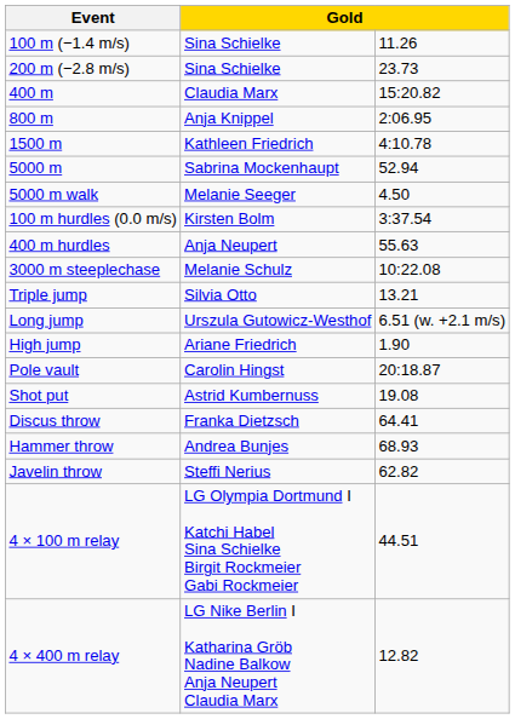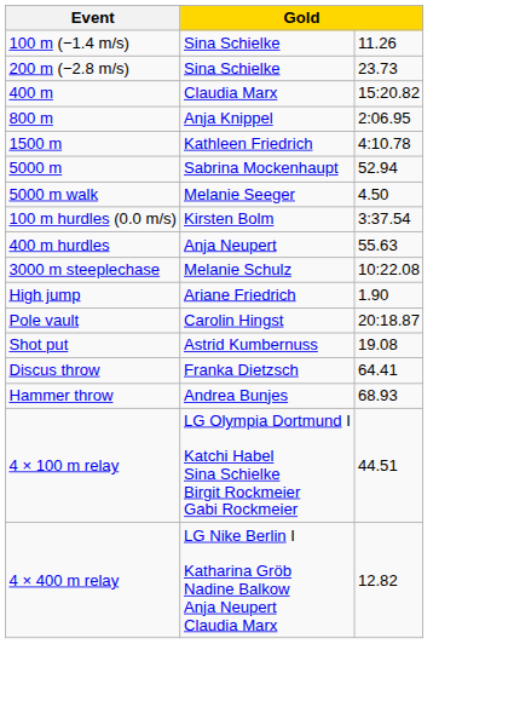 <table class="wikitable">
 <tr>
 <th>Event</th>
 <th style="background:gold;" colspan=2>Gold</th>
 </tr>
 <tr>
 <td><a href='#'>100 m</a> (−1.4 m/s)</td>
 <td><a href='#'>Sina Schielke</a></td>
 <td>11.26</td>
 </tr>
 <tr>
 <td><a href='#'>200 m</a> (−2.8 m/s)</td>
 <td><a href='#'>Sina Schielke</a></td>
 <td>23.73</td>
 </tr>
 <tr>
 <td><a href='#'>400 m</a></td>
 <td><a href='#'>Claudia Marx</a></td>
 <td>15:20.82</td>
 </tr>
 <tr>
 <td><a href='#'>800 m</a></td>
 <td><a href='#'>Anja Knippel</a></td>
 <td>2:06.95</td>
 </tr>
 <tr>
 <td><a href='#'>1500 m</a></td>
 <td><a href='#'>Kathleen Friedrich</a></td>
 <td>4:10.78</td>
 </tr>
 <tr>
 <td><a href='#'>5000 m</a></td>
 <td><a href='#'>Sabrina Mockenhaupt</a></td>
 <td>52.94</td>
 </tr>
 <tr>
 <td><a href='#'>5000 m walk</a></td>
 <td><a href='#'>Melanie Seeger</a></td>
 <td>4.50</td>
 </tr>
 <tr>
 <td><a href='#'>100 m hurdles</a> (0.0 m/s)</td>
 <td><a href='#'>Kirsten Bolm</a></td>
 <td>3:37.54</td>
 </tr>
 <tr>
 <td><a href='#'>400 m hurdles</a></td>
 <td><a href='#'>Anja Neupert</a></td>
 <td>55.63</td>
 </tr>
 <tr>
 <td><a href='#'>3000 m steeplechase</a></td>
 <td><a href='#'>Melanie Schulz</a></td>
 <td>10:22.08</td>
 </tr>
 <tr>
-<td><a href='#'>Triple jump</a></td>
-<td><a href='#'>Silvia Otto</a></td>
-<td>13.21</td>
-</tr>
-<tr>
-<td><a href='#'>Long jump</a></td>
-<td><a href='#'>Urszula Gutowicz-Westhof</a></td>
-<td>6.51 (w. +2.1 m/s)</td>
-</tr>
-<tr>
 <td><a href='#'>High jump</a></td>
 <td><a href='#'>Ariane Friedrich</a></td>
 <td>1.90</td>
 </tr>
 <tr>
 <td><a href='#'>Pole vault</a></td>
 <td><a href='#'>Carolin Hingst</a></td>
 <td>20:18.87 </td>
 </tr>
 <tr>
 <td><a href='#'>Shot put</a></td>
 <td><a href='#'>Astrid Kumbernuss</a></td>
 <td>19.08</td>
 </tr>
 <tr>
 <td><a href='#'>Discus throw</a></td>
 <td><a href='#'>Franka Dietzsch</a></td>
 <td>64.41</td>
 </tr>
 <tr>
 <td><a href='#'>Hammer throw</a></td>
 <td><a href='#'>Andrea Bunjes</a></td>
 <td>68.93</td>
 </tr>
 <tr>
-<td><a href='#'>Javelin throw</a></td>
-<td><a href='#'>Steffi Nerius</a></td>
-<td>62.82</td>
-</tr>
-<tr>
 <td><a href='#'>4 × 100 m relay</a></td>
 <td><a href='#'>LG Olympia Dortmund</a> I <br><br><a href='#'>Katchi Habel</a> <br> <a href='#'>Sina Schielke</a> <br> <a href='#'>Birgit Rockmeier</a> <br> <a href='#'>Gabi Rockmeier</a></td>
 <td>44.51</td>
 </tr>
 <tr>
 <td><a href='#'>4 × 400 m relay</a></td>
 <td><a href='#'>LG Nike Berlin</a> I <br><br><a href='#'>Katharina Gröb</a> <br> <a href='#'>Nadine Balkow</a> <br> <a href='#'>Anja Neupert</a> <br> <a href='#'>Claudia Marx</a></td>
 <td>12.82</td>
 </tr>
 </table>
